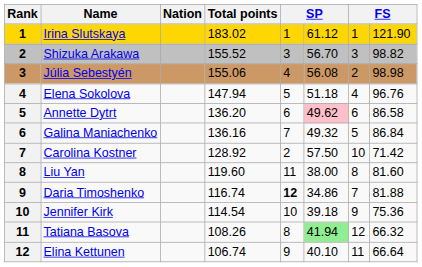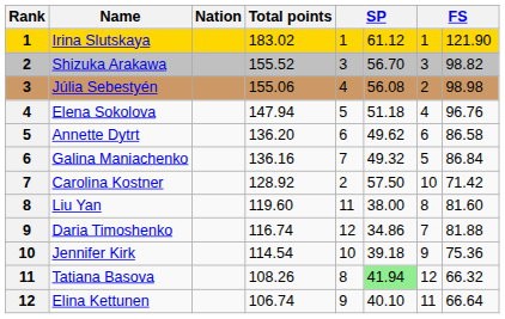 <table class="wikitable">
 <tr>
 <th>Rank</th>
 <th>Name</th>
 <th>Nation</th>
 <th>Total points</th>
 <th colspan="2" width="80px"><a href='#'>SP</a></th>
 <th colspan="2" width="80px"><a href='#'>FS</a></th>
 </tr>
 <tr bgcolor="gold">
 <td align="center"><strong>1</strong></td>
 <td><a href='#'>Irina Slutskaya</a></td>
 <td></td>
 <td>183.02</td>
 <td>1</td>
 <td>61.12</td>
 <td>1</td>
 <td>121.90</td>
 </tr>
 <tr bgcolor="silver">
 <td align="center"><strong>2</strong></td>
 <td><a href='#'>Shizuka Arakawa</a></td>
 <td></td>
 <td>155.52</td>
 <td>3</td>
 <td>56.70</td>
 <td>3</td>
 <td>98.82</td>
 </tr>
 <tr bgcolor="cc9966">
 <td align="center"><strong>3</strong></td>
 <td><a href='#'>Júlia Sebestyén</a></td>
 <td></td>
 <td>155.06</td>
 <td>4</td>
 <td>56.08</td>
 <td>2</td>
 <td>98.98</td>
 </tr>
 <tr>
 <th>4</th>
 <td><a href='#'>Elena Sokolova</a></td>
 <td></td>
 <td>147.94</td>
 <td>5</td>
 <td>51.18</td>
 <td>4</td>
 <td>96.76</td>
 </tr>
 <tr>
 <th>5</th>
 <td><a href='#'>Annette Dytrt</a></td>
 <td></td>
 <td>136.20</td>
 <td>6</td>
-<td style="background: pink;">49.62</td>
+<td>49.62</td>
 <td>6</td>
 <td>86.58</td>
 </tr>
 <tr>
 <th>6</th>
 <td><a href='#'>Galina Maniachenko</a></td>
 <td></td>
 <td>136.16</td>
 <td>7</td>
 <td>49.32</td>
 <td>5</td>
 <td>86.84</td>
 </tr>
 <tr>
 <th>7</th>
 <td><a href='#'>Carolina Kostner</a></td>
 <td></td>
 <td>128.92</td>
 <td>2</td>
 <td>57.50</td>
 <td>10</td>
 <td>71.42</td>
 </tr>
 <tr>
 <th>8</th>
 <td><a href='#'>Liu Yan</a></td>
 <td></td>
 <td>119.60</td>
 <td>11</td>
 <td>38.00</td>
 <td>8</td>
 <td>81.60</td>
 </tr>
 <tr>
 <th>9</th>
 <td><a href='#'>Daria Timoshenko</a></td>
 <td></td>
 <td>116.74</td>
-<td><strong>12</strong></td>
+<td>12</td>
 <td>34.86</td>
 <td>7</td>
 <td>81.88</td>
 </tr>
 <tr>
 <th>10</th>
 <td><a href='#'>Jennifer Kirk</a></td>
 <td></td>
 <td>114.54</td>
 <td>10</td>
 <td>39.18</td>
 <td>9</td>
 <td>75.36</td>
 </tr>
 <tr>
 <th>11</th>
 <td><a href='#'>Tatiana Basova</a></td>
 <td></td>
 <td>108.26</td>
 <td>8</td>
 <td style="background: lightgreen;">41.94</td>
 <td>12</td>
 <td>66.32</td>
 </tr>
 <tr>
 <th>12</th>
 <td><a href='#'>Elina Kettunen</a></td>
 <td></td>
 <td>106.74</td>
 <td>9</td>
 <td>40.10</td>
 <td>11</td>
 <td>66.64</td>
 </tr>
 </table>
